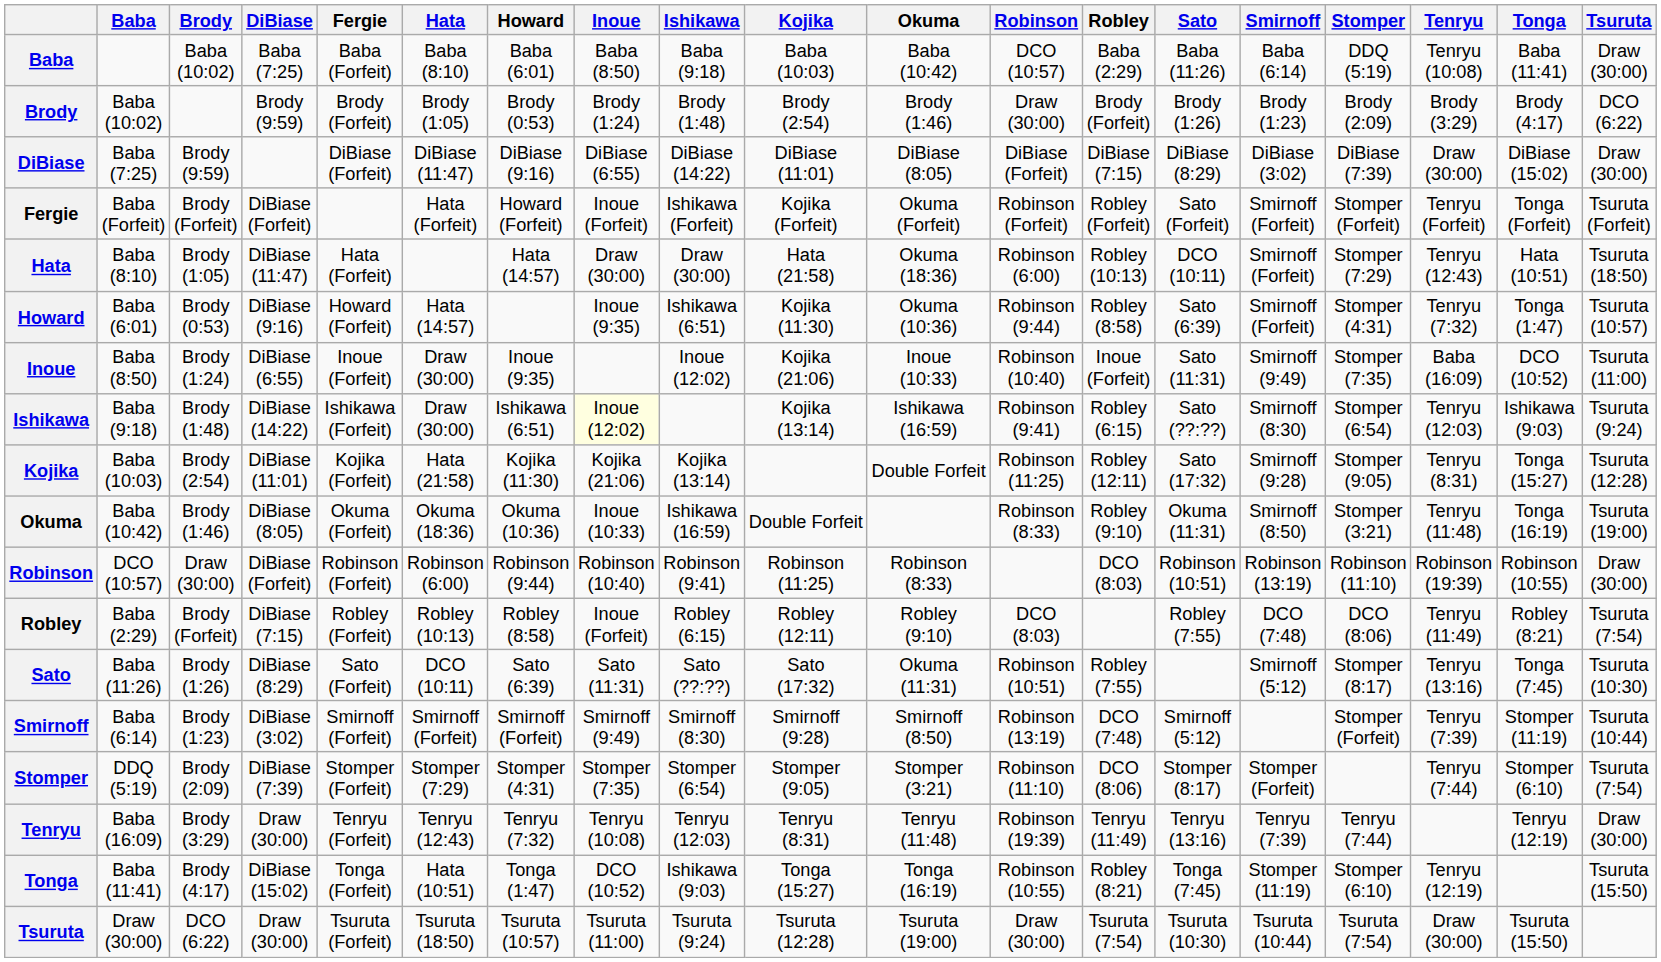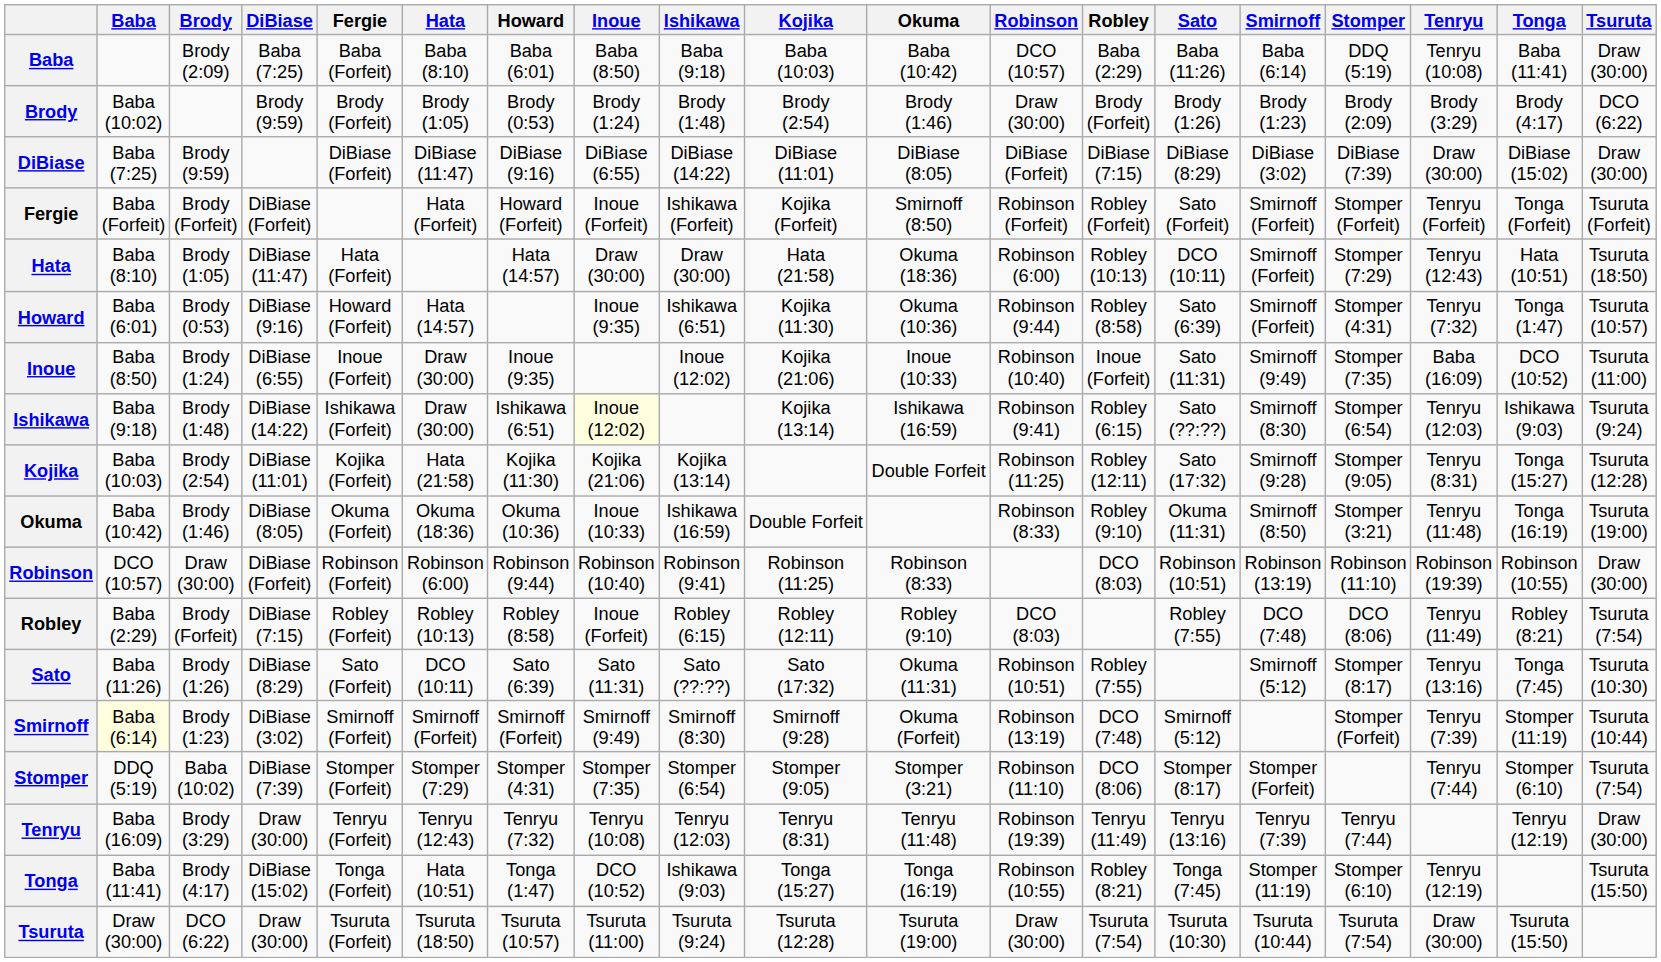 <table class="wikitable" style="margin:1em auto; font-size:80%; text-align:center;">
 <tr>
 <th></th>
 <th><a href='#'>Baba</a></th>
 <th><a href='#'>Brody</a></th>
 <th><a href='#'>DiBiase</a></th>
 <th>Fergie</th>
 <th><a href='#'>Hata</a></th>
 <th>Howard</th>
 <th><a href='#'>Inoue</a></th>
 <th><a href='#'>Ishikawa</a></th>
 <th><a href='#'>Kojika</a></th>
 <th>Okuma</th>
 <th><a href='#'>Robinson</a></th>
 <th>Robley</th>
 <th><a href='#'>Sato</a></th>
 <th><a href='#'>Smirnoff</a></th>
 <th><a href='#'>Stomper</a></th>
 <th><a href='#'>Tenryu</a></th>
 <th><a href='#'>Tonga</a></th>
 <th><a href='#'>Tsuruta</a></th>
 </tr>
 <tr>
 <th><a href='#'>Baba</a></th>
 <td></td>
-<td>Baba<br>(10:02)</td>
+<td>Brody<br>(2:09)</td>
 <td>Baba<br>(7:25)</td>
 <td>Baba<br>(Forfeit)</td>
 <td>Baba<br>(8:10)</td>
 <td>Baba<br>(6:01)</td>
 <td>Baba<br>(8:50)</td>
 <td>Baba<br>(9:18)</td>
 <td>Baba<br>(10:03)</td>
 <td>Baba<br>(10:42)</td>
 <td>DCO<br>(10:57)</td>
 <td>Baba<br>(2:29)</td>
 <td>Baba<br>(11:26)</td>
 <td>Baba<br>(6:14)</td>
 <td>DDQ<br>(5:19)</td>
 <td>Tenryu<br>(10:08)</td>
 <td>Baba<br>(11:41)</td>
 <td>Draw<br>(30:00)</td>
 </tr>
 <tr>
 <th><a href='#'>Brody</a></th>
 <td>Baba<br>(10:02)</td>
 <td></td>
 <td>Brody<br>(9:59)</td>
 <td>Brody<br>(Forfeit)</td>
 <td>Brody<br>(1:05)</td>
 <td>Brody<br>(0:53)</td>
 <td>Brody<br>(1:24)</td>
 <td>Brody<br>(1:48)</td>
 <td>Brody<br>(2:54)</td>
 <td>Brody<br>(1:46)</td>
 <td>Draw<br>(30:00)</td>
 <td>Brody<br>(Forfeit)</td>
 <td>Brody<br>(1:26)</td>
 <td>Brody<br>(1:23)</td>
 <td>Brody<br>(2:09)</td>
 <td>Brody<br>(3:29)</td>
 <td>Brody<br>(4:17)</td>
 <td>DCO<br>(6:22)</td>
 </tr>
 <tr>
 <th><a href='#'>DiBiase</a></th>
 <td>Baba<br>(7:25)</td>
 <td>Brody<br>(9:59)</td>
 <td></td>
 <td>DiBiase<br>(Forfeit)</td>
 <td>DiBiase<br>(11:47)</td>
 <td>DiBiase<br>(9:16)</td>
 <td>DiBiase<br>(6:55)</td>
 <td>DiBiase<br>(14:22)</td>
 <td>DiBiase<br>(11:01)</td>
 <td>DiBiase<br>(8:05)</td>
 <td>DiBiase<br>(Forfeit)</td>
 <td>DiBiase<br>(7:15)</td>
 <td>DiBiase<br>(8:29)</td>
 <td>DiBiase<br>(3:02)</td>
 <td>DiBiase<br>(7:39)</td>
 <td>Draw<br>(30:00)</td>
 <td>DiBiase<br>(15:02)</td>
 <td>Draw<br>(30:00)</td>
 </tr>
 <tr>
 <th>Fergie</th>
 <td>Baba<br>(Forfeit)</td>
 <td>Brody<br>(Forfeit)</td>
 <td>DiBiase<br>(Forfeit)</td>
 <td></td>
 <td>Hata<br>(Forfeit)</td>
 <td>Howard<br>(Forfeit)</td>
 <td>Inoue<br>(Forfeit)</td>
 <td>Ishikawa<br>(Forfeit)</td>
 <td>Kojika<br>(Forfeit)</td>
-<td>Okuma<br>(Forfeit)</td>
+<td>Smirnoff<br>(8:50)</td>
 <td>Robinson<br>(Forfeit)</td>
 <td>Robley<br>(Forfeit)</td>
 <td>Sato<br>(Forfeit)</td>
 <td>Smirnoff<br>(Forfeit)</td>
 <td>Stomper<br>(Forfeit)</td>
 <td>Tenryu<br>(Forfeit)</td>
 <td>Tonga<br>(Forfeit)</td>
 <td>Tsuruta<br>(Forfeit)</td>
 </tr>
 <tr>
 <th><a href='#'>Hata</a></th>
 <td>Baba<br>(8:10)</td>
 <td>Brody<br>(1:05)</td>
 <td>DiBiase<br>(11:47)</td>
 <td>Hata<br>(Forfeit)</td>
 <td></td>
 <td>Hata<br>(14:57)</td>
 <td>Draw<br>(30:00)</td>
 <td>Draw<br>(30:00)</td>
 <td>Hata<br>(21:58)</td>
 <td>Okuma<br>(18:36)</td>
 <td>Robinson<br>(6:00)</td>
 <td>Robley<br>(10:13)</td>
 <td>DCO<br>(10:11)</td>
 <td>Smirnoff<br>(Forfeit)</td>
 <td>Stomper<br>(7:29)</td>
 <td>Tenryu<br>(12:43)</td>
 <td>Hata<br>(10:51)</td>
 <td>Tsuruta<br>(18:50)</td>
 </tr>
 <tr>
 <th><a href='#'>Howard</a></th>
 <td>Baba<br>(6:01)</td>
 <td>Brody<br>(0:53)</td>
 <td>DiBiase<br>(9:16)</td>
 <td>Howard<br>(Forfeit)</td>
 <td>Hata<br>(14:57)</td>
 <td></td>
 <td>Inoue<br>(9:35)</td>
 <td>Ishikawa<br>(6:51)</td>
 <td>Kojika<br>(11:30)</td>
 <td>Okuma<br>(10:36)</td>
 <td>Robinson<br>(9:44)</td>
 <td>Robley<br>(8:58)</td>
 <td>Sato<br>(6:39)</td>
 <td>Smirnoff<br>(Forfeit)</td>
 <td>Stomper<br>(4:31)</td>
 <td>Tenryu<br>(7:32)</td>
 <td>Tonga<br>(1:47)</td>
 <td>Tsuruta<br>(10:57)</td>
 </tr>
 <tr>
 <th><a href='#'>Inoue</a></th>
 <td>Baba<br>(8:50)</td>
 <td>Brody<br>(1:24)</td>
 <td>DiBiase<br>(6:55)</td>
 <td>Inoue<br>(Forfeit)</td>
 <td>Draw<br>(30:00)</td>
 <td>Inoue<br>(9:35)</td>
 <td></td>
 <td>Inoue<br>(12:02)</td>
 <td>Kojika<br>(21:06)</td>
 <td>Inoue<br>(10:33)</td>
 <td>Robinson<br>(10:40)</td>
 <td>Inoue<br>(Forfeit)</td>
 <td>Sato<br>(11:31)</td>
 <td>Smirnoff<br>(9:49)</td>
 <td>Stomper<br>(7:35)</td>
 <td>Baba<br>(16:09)</td>
 <td>DCO<br>(10:52)</td>
 <td>Tsuruta<br>(11:00)</td>
 </tr>
 <tr>
 <th><a href='#'>Ishikawa</a></th>
 <td>Baba<br>(9:18)</td>
 <td>Brody<br>(1:48)</td>
 <td>DiBiase<br>(14:22)</td>
 <td>Ishikawa<br>(Forfeit)</td>
 <td>Draw<br>(30:00)</td>
 <td>Ishikawa<br>(6:51)</td>
 <td style="background: lightyellow;">Inoue<br>(12:02)</td>
 <td></td>
 <td>Kojika<br>(13:14)</td>
 <td>Ishikawa<br>(16:59)</td>
 <td>Robinson<br>(9:41)</td>
 <td>Robley<br>(6:15)</td>
 <td>Sato<br>(??:??)</td>
 <td>Smirnoff<br>(8:30)</td>
 <td>Stomper<br>(6:54)</td>
 <td>Tenryu<br>(12:03)</td>
 <td>Ishikawa<br>(9:03)</td>
 <td>Tsuruta<br>(9:24)</td>
 </tr>
 <tr>
 <th><a href='#'>Kojika</a></th>
 <td>Baba<br>(10:03)</td>
 <td>Brody<br>(2:54)</td>
 <td>DiBiase<br>(11:01)</td>
 <td>Kojika<br>(Forfeit)</td>
 <td>Hata<br>(21:58)</td>
 <td>Kojika<br>(11:30)</td>
 <td>Kojika<br>(21:06)</td>
 <td>Kojika<br>(13:14)</td>
 <td></td>
 <td>Double Forfeit</td>
 <td>Robinson<br>(11:25)</td>
 <td>Robley<br>(12:11)</td>
 <td>Sato<br>(17:32)</td>
 <td>Smirnoff<br>(9:28)</td>
 <td>Stomper<br>(9:05)</td>
 <td>Tenryu<br>(8:31)</td>
 <td>Tonga<br>(15:27)</td>
 <td>Tsuruta<br>(12:28)</td>
 </tr>
 <tr>
 <th>Okuma</th>
 <td>Baba<br>(10:42)</td>
 <td>Brody<br>(1:46)</td>
 <td>DiBiase<br>(8:05)</td>
 <td>Okuma<br>(Forfeit)</td>
 <td>Okuma<br>(18:36)</td>
 <td>Okuma<br>(10:36)</td>
 <td>Inoue<br>(10:33)</td>
 <td>Ishikawa<br>(16:59)</td>
 <td>Double Forfeit</td>
 <td></td>
 <td>Robinson<br>(8:33)</td>
 <td>Robley<br>(9:10)</td>
 <td>Okuma<br>(11:31)</td>
 <td>Smirnoff<br>(8:50)</td>
 <td>Stomper<br>(3:21)</td>
 <td>Tenryu<br>(11:48)</td>
 <td>Tonga<br>(16:19)</td>
 <td>Tsuruta<br>(19:00)</td>
 </tr>
 <tr>
 <th><a href='#'>Robinson</a></th>
 <td>DCO<br>(10:57)</td>
 <td>Draw<br>(30:00)</td>
 <td>DiBiase<br>(Forfeit)</td>
 <td>Robinson<br>(Forfeit)</td>
 <td>Robinson<br>(6:00)</td>
 <td>Robinson<br>(9:44)</td>
 <td>Robinson<br>(10:40)</td>
 <td>Robinson<br>(9:41)</td>
 <td>Robinson<br>(11:25)</td>
 <td>Robinson<br>(8:33)</td>
 <td></td>
 <td>DCO<br>(8:03)</td>
 <td>Robinson<br>(10:51)</td>
 <td>Robinson<br>(13:19)</td>
 <td>Robinson<br>(11:10)</td>
 <td>Robinson<br>(19:39)</td>
 <td>Robinson<br>(10:55)</td>
 <td>Draw<br>(30:00)</td>
 </tr>
 <tr>
 <th>Robley</th>
 <td>Baba<br>(2:29)</td>
 <td>Brody<br>(Forfeit)</td>
 <td>DiBiase<br>(7:15)</td>
 <td>Robley<br>(Forfeit)</td>
 <td>Robley<br>(10:13)</td>
 <td>Robley<br>(8:58)</td>
 <td>Inoue<br>(Forfeit)</td>
 <td>Robley<br>(6:15)</td>
 <td>Robley<br>(12:11)</td>
 <td>Robley<br>(9:10)</td>
 <td>DCO<br>(8:03)</td>
 <td></td>
 <td>Robley<br>(7:55)</td>
 <td>DCO<br>(7:48)</td>
 <td>DCO<br>(8:06)</td>
 <td>Tenryu<br>(11:49)</td>
 <td>Robley<br>(8:21)</td>
 <td>Tsuruta<br>(7:54)</td>
 </tr>
 <tr>
 <th><a href='#'>Sato</a></th>
 <td>Baba<br>(11:26)</td>
 <td>Brody<br>(1:26)</td>
 <td>DiBiase<br>(8:29)</td>
 <td>Sato<br>(Forfeit)</td>
 <td>DCO<br>(10:11)</td>
 <td>Sato<br>(6:39)</td>
 <td>Sato<br>(11:31)</td>
 <td>Sato<br>(??:??)</td>
 <td>Sato<br>(17:32)</td>
 <td>Okuma<br>(11:31)</td>
 <td>Robinson<br>(10:51)</td>
 <td>Robley<br>(7:55)</td>
 <td></td>
 <td>Smirnoff<br>(5:12)</td>
 <td>Stomper<br>(8:17)</td>
 <td>Tenryu<br>(13:16)</td>
 <td>Tonga<br>(7:45)</td>
 <td>Tsuruta<br>(10:30)</td>
 </tr>
 <tr>
 <th><a href='#'>Smirnoff</a></th>
-<td>Baba<br>(6:14)</td>
+<td style="background: lightyellow;">Baba<br>(6:14)</td>
 <td>Brody<br>(1:23)</td>
 <td>DiBiase<br>(3:02)</td>
 <td>Smirnoff<br>(Forfeit)</td>
 <td>Smirnoff<br>(Forfeit)</td>
 <td>Smirnoff<br>(Forfeit)</td>
 <td>Smirnoff<br>(9:49)</td>
 <td>Smirnoff<br>(8:30)</td>
 <td>Smirnoff<br>(9:28)</td>
-<td>Smirnoff<br>(8:50)</td>
+<td>Okuma<br>(Forfeit)</td>
 <td>Robinson<br>(13:19)</td>
 <td>DCO<br>(7:48)</td>
 <td>Smirnoff<br>(5:12)</td>
 <td></td>
 <td>Stomper<br>(Forfeit)</td>
 <td>Tenryu<br>(7:39)</td>
 <td>Stomper<br>(11:19)</td>
 <td>Tsuruta<br>(10:44)</td>
 </tr>
 <tr>
 <th><a href='#'>Stomper</a></th>
 <td>DDQ<br>(5:19)</td>
-<td>Brody<br>(2:09)</td>
+<td>Baba<br>(10:02)</td>
 <td>DiBiase<br>(7:39)</td>
 <td>Stomper<br>(Forfeit)</td>
 <td>Stomper<br>(7:29)</td>
 <td>Stomper<br>(4:31)</td>
 <td>Stomper<br>(7:35)</td>
 <td>Stomper<br>(6:54)</td>
 <td>Stomper<br>(9:05)</td>
 <td>Stomper<br>(3:21)</td>
 <td>Robinson<br>(11:10)</td>
 <td>DCO<br>(8:06)</td>
 <td>Stomper<br>(8:17)</td>
 <td>Stomper<br>(Forfeit)</td>
 <td></td>
 <td>Tenryu<br>(7:44)</td>
 <td>Stomper<br>(6:10)</td>
 <td>Tsuruta<br>(7:54)</td>
 </tr>
 <tr>
 <th><a href='#'>Tenryu</a></th>
 <td>Baba<br>(16:09)</td>
 <td>Brody<br>(3:29)</td>
 <td>Draw<br>(30:00)</td>
 <td>Tenryu<br>(Forfeit)</td>
 <td>Tenryu<br>(12:43)</td>
 <td>Tenryu<br>(7:32)</td>
 <td>Tenryu<br>(10:08)</td>
 <td>Tenryu<br>(12:03)</td>
 <td>Tenryu<br>(8:31)</td>
 <td>Tenryu<br>(11:48)</td>
 <td>Robinson<br>(19:39)</td>
 <td>Tenryu<br>(11:49)</td>
 <td>Tenryu<br>(13:16)</td>
 <td>Tenryu<br>(7:39)</td>
 <td>Tenryu<br>(7:44)</td>
 <td></td>
 <td>Tenryu<br>(12:19)</td>
 <td>Draw<br>(30:00)</td>
 </tr>
 <tr>
 <th><a href='#'>Tonga</a></th>
 <td>Baba<br>(11:41)</td>
 <td>Brody<br>(4:17)</td>
 <td>DiBiase<br>(15:02)</td>
 <td>Tonga<br>(Forfeit)</td>
 <td>Hata<br>(10:51)</td>
 <td>Tonga<br>(1:47)</td>
 <td>DCO<br>(10:52)</td>
 <td>Ishikawa<br>(9:03)</td>
 <td>Tonga<br>(15:27)</td>
 <td>Tonga<br>(16:19)</td>
 <td>Robinson<br>(10:55)</td>
 <td>Robley<br>(8:21)</td>
 <td>Tonga<br>(7:45)</td>
 <td>Stomper<br>(11:19)</td>
 <td>Stomper<br>(6:10)</td>
 <td>Tenryu<br>(12:19)</td>
 <td></td>
 <td>Tsuruta<br>(15:50)</td>
 </tr>
 <tr>
 <th><a href='#'>Tsuruta</a></th>
 <td>Draw<br>(30:00)</td>
 <td>DCO<br>(6:22)</td>
 <td>Draw<br>(30:00)</td>
 <td>Tsuruta<br>(Forfeit)</td>
 <td>Tsuruta<br>(18:50)</td>
 <td>Tsuruta<br>(10:57)</td>
 <td>Tsuruta<br>(11:00)</td>
 <td>Tsuruta<br>(9:24)</td>
 <td>Tsuruta<br>(12:28)</td>
 <td>Tsuruta<br>(19:00)</td>
 <td>Draw<br>(30:00)</td>
 <td>Tsuruta<br>(7:54)</td>
 <td>Tsuruta<br>(10:30)</td>
 <td>Tsuruta<br>(10:44)</td>
 <td>Tsuruta<br>(7:54)</td>
 <td>Draw<br>(30:00)</td>
 <td>Tsuruta<br>(15:50)</td>
 <td></td>
 </tr>
 </table>
